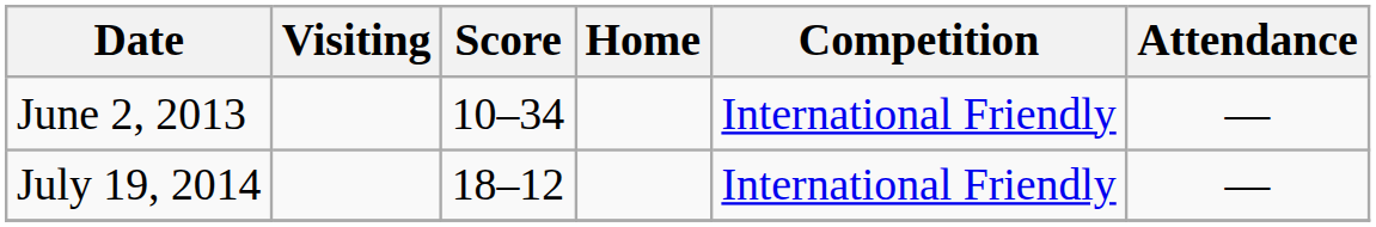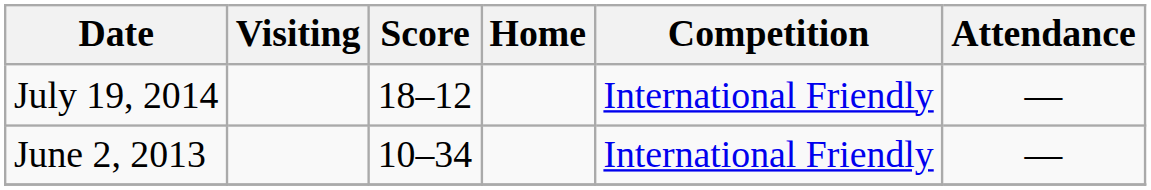 <table class="wikitable">
 <tr>
 <th style="text-align:center; ">Date</th>
 <th style="text-align:center; ">Visiting</th>
 <th style="text-align:center; ">Score</th>
 <th style="text-align:center; ">Home</th>
 <th style="text-align:center; ">Competition</th>
 <th style="text-align:center; ">Attendance</th>
 </tr>
 <tr>
+<td>July 19, 2014</td>
+<td><strong></strong></td>
+<td>18–12</td>
+<td></td>
+<td><a href='#'>International Friendly</a></td>
+<td style="text-align:center">—</td>
+</tr>
+<tr>
 <td>June 2, 2013</td>
 <td></td>
 <td>10–34</td>
 <td><strong></strong></td>
 <td><a href='#'>International Friendly</a></td>
 <td style="text-align:center">—</td>
 </tr>
 <tr>
-<td>July 19, 2014</td>
-<td><strong></strong></td>
-<td>18–12</td>
-<td></td>
-<td><a href='#'>International Friendly</a></td>
-<td style="text-align:center">—</td>
-</tr>
-<tr>
 </tr>
 </table>
